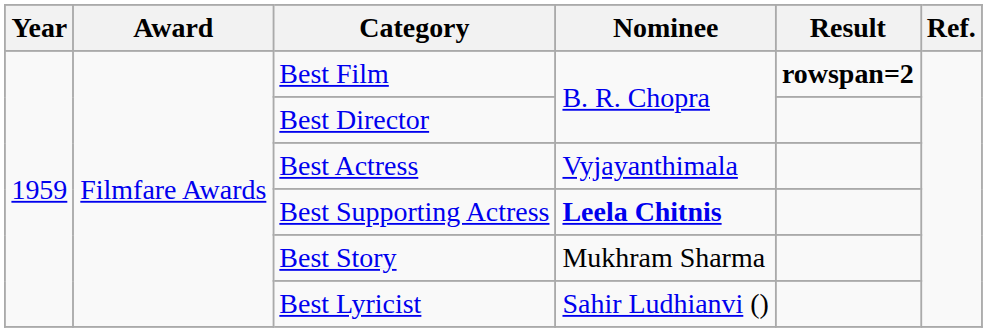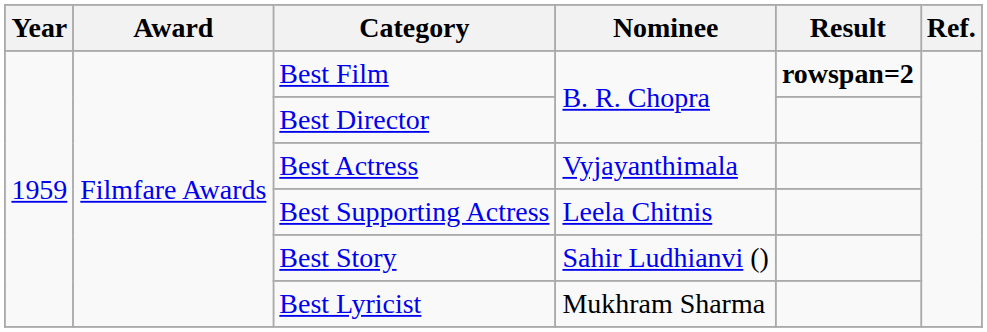 <table class="wikitable" style="font-size:95%;">
 <tr>
 <th>Year</th>
 <th>Award</th>
 <th>Category</th>
 <th>Nominee</th>
 <th>Result</th>
 <th>Ref.</th>
 </tr>
 <tr>
 <td rowspan="6"><a href='#'>1959</a></td>
 <td rowspan="6"><a href='#'>Filmfare Awards</a></td>
 <td><a href='#'>Best Film</a></td>
 <td rowspan=2><a href='#'>B. R. Chopra</a></td>
 <td><strong>rowspan=2 </strong></td>
 <td rowspan="6"><br><br></td>
 </tr>
 <tr>
 <td><a href='#'>Best Director</a></td>
 </tr>
 <tr>
 <td><a href='#'>Best Actress</a></td>
 <td><a href='#'>Vyjayanthimala</a></td>
 <td></td>
 </tr>
 <tr>
 <td><a href='#'>Best Supporting Actress</a></td>
-<td><strong><a href='#'>Leela Chitnis</a></strong></td>
+<td><a href='#'>Leela Chitnis</a></td>
 <td></td>
 </tr>
 <tr>
 <td><a href='#'>Best Story</a></td>
-<td>Mukhram Sharma</td>
+<td><a href='#'>Sahir Ludhianvi</a> ()</td>
 <td></td>
 </tr>
 <tr>
 <td><a href='#'>Best Lyricist</a></td>
-<td><a href='#'>Sahir Ludhianvi</a> ()</td>
+<td>Mukhram Sharma</td>
 <td></td>
 </tr>
 </table>
